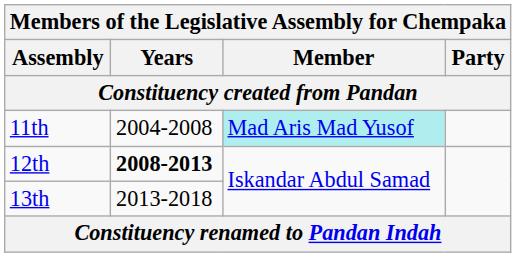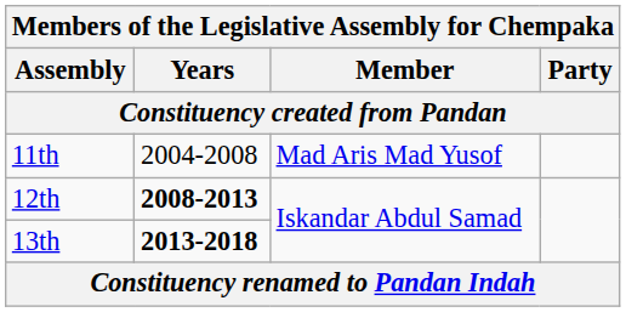 <table class=wikitable>
 <tr>
 <th colspan=4>Members of the Legislative Assembly for Chempaka</th>
 </tr>
 <tr>
 <th>Assembly</th>
 <th>Years</th>
 <th>Member</th>
 <th>Party</th>
 </tr>
 <tr>
 <th colspan=4 align=center><em>Constituency created from Pandan</em></th>
 </tr>
 <tr>
 <td><a href='#'>11th</a></td>
 <td>2004-2008</td>
-<td style="background: paleturquoise;"><a href='#'>Mad Aris Mad Yusof</a></td>
+<td><a href='#'>Mad Aris Mad Yusof</a></td>
 <td bgcolor=></td>
 </tr>
 <tr>
 <td><a href='#'>12th</a></td>
 <td><strong>2008-2013</strong></td>
 <td rowspan=2><a href='#'>Iskandar Abdul Samad</a></td>
 <td rowspan=2 bgcolor=></td>
 </tr>
 <tr>
 <td><a href='#'>13th</a></td>
-<td>2013-2018</td>
+<td><strong>2013-2018</strong></td>
 </tr>
 <tr>
 <th colspan=4 align=center><em>Constituency renamed to <a href='#'>Pandan Indah</a></em></th>
 </tr>
 </table>
